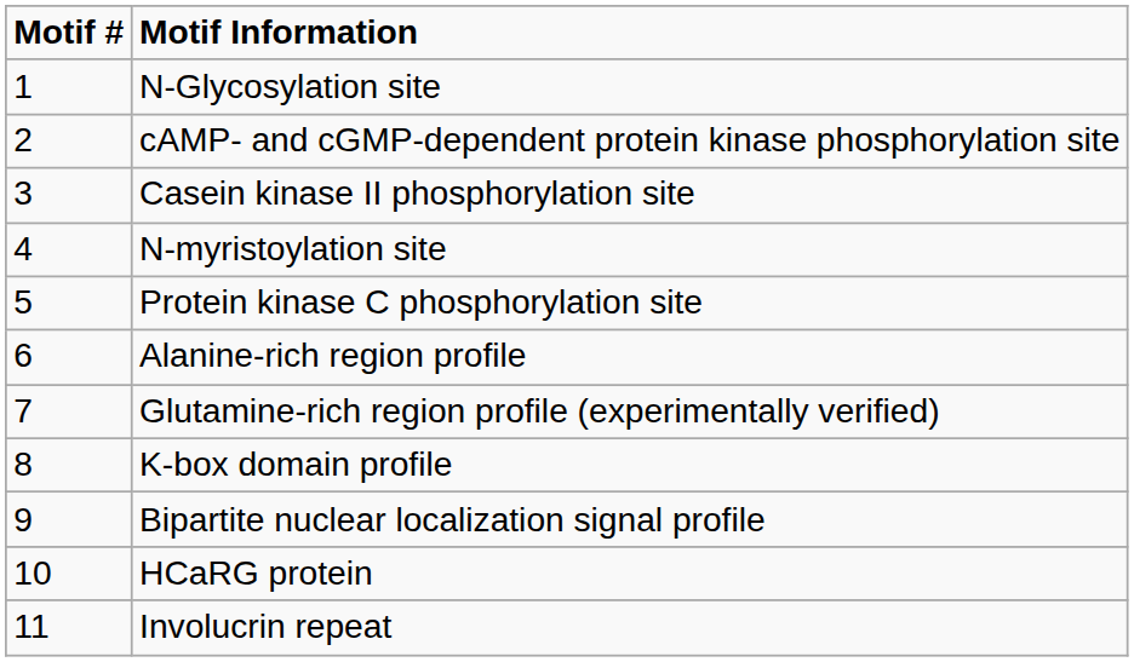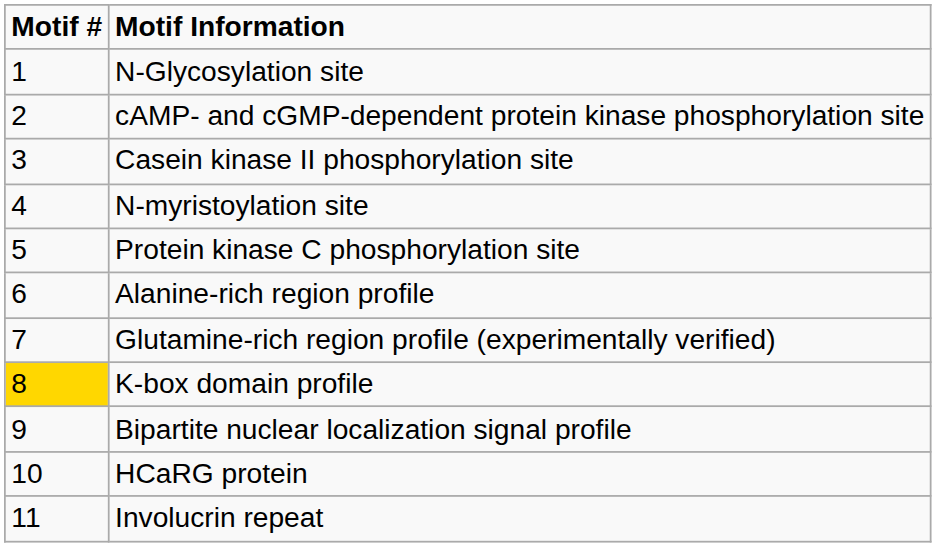 <table class="wikitable">
 <tr>
 <td><strong>Motif #</strong></td>
 <td><strong>Motif Information</strong></td>
 </tr>
 <tr>
 <td>1</td>
 <td>N-Glycosylation site</td>
 </tr>
 <tr>
 <td>2</td>
 <td>cAMP- and cGMP-dependent protein kinase phosphorylation site</td>
 </tr>
 <tr>
 <td>3</td>
 <td>Casein kinase II phosphorylation site</td>
 </tr>
 <tr>
 <td>4</td>
 <td>N-myristoylation site</td>
 </tr>
 <tr>
 <td>5</td>
 <td>Protein kinase C phosphorylation site</td>
 </tr>
 <tr>
 <td>6</td>
 <td>Alanine-rich region profile</td>
 </tr>
 <tr>
 <td>7</td>
 <td>Glutamine-rich region profile (experimentally verified)</td>
 </tr>
 <tr>
-<td>8</td>
+<td style="background: gold;">8</td>
 <td>K-box domain profile</td>
 </tr>
 <tr>
 <td>9</td>
 <td>Bipartite nuclear localization signal profile</td>
 </tr>
 <tr>
 <td>10</td>
 <td>HCaRG protein</td>
 </tr>
 <tr>
 <td>11</td>
 <td>Involucrin repeat</td>
 </tr>
 </table>
